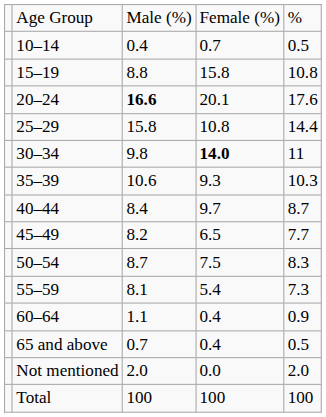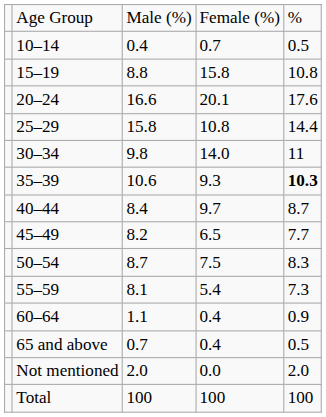 <table class="wikitable">
 <tr>
 <td></td>
 <td>Age Group</td>
 <td>Male (%)</td>
 <td>Female (%)</td>
 <td>%</td>
 </tr>
 <tr>
 <td></td>
 <td>10–14</td>
 <td>0.4</td>
 <td>0.7</td>
 <td>0.5</td>
 </tr>
 <tr>
 <td></td>
 <td>15–19</td>
 <td>8.8</td>
 <td>15.8</td>
 <td>10.8</td>
 </tr>
 <tr>
 <td></td>
 <td>20–24</td>
-<td><strong>16.6</strong></td>
+<td>16.6</td>
 <td>20.1</td>
 <td>17.6</td>
 </tr>
 <tr>
 <td></td>
 <td>25–29</td>
 <td>15.8</td>
 <td>10.8</td>
 <td>14.4</td>
 </tr>
 <tr>
 <td></td>
 <td>30–34</td>
 <td>9.8</td>
-<td><strong>14.0</strong></td>
+<td>14.0</td>
 <td>11</td>
 </tr>
 <tr>
 <td></td>
 <td>35–39</td>
 <td>10.6</td>
 <td>9.3</td>
-<td>10.3</td>
+<td><strong>10.3</strong></td>
 </tr>
 <tr>
 <td></td>
 <td>40–44</td>
 <td>8.4</td>
 <td>9.7</td>
 <td>8.7</td>
 </tr>
 <tr>
 <td></td>
 <td>45–49</td>
 <td>8.2</td>
 <td>6.5</td>
 <td>7.7</td>
 </tr>
 <tr>
 <td></td>
 <td>50–54</td>
 <td>8.7</td>
 <td>7.5</td>
 <td>8.3</td>
 </tr>
 <tr>
 <td></td>
 <td>55–59</td>
 <td>8.1</td>
 <td>5.4</td>
 <td>7.3</td>
 </tr>
 <tr>
 <td></td>
 <td>60–64</td>
 <td>1.1</td>
 <td>0.4</td>
 <td>0.9</td>
 </tr>
 <tr>
 <td></td>
 <td>65 and above</td>
 <td>0.7</td>
 <td>0.4</td>
 <td>0.5</td>
 </tr>
 <tr>
 <td></td>
 <td>Not mentioned</td>
 <td>2.0</td>
 <td>0.0</td>
 <td>2.0</td>
 </tr>
 <tr>
 <td></td>
 <td>Total</td>
 <td>100</td>
 <td>100</td>
 <td>100</td>
 </tr>
 </table>
